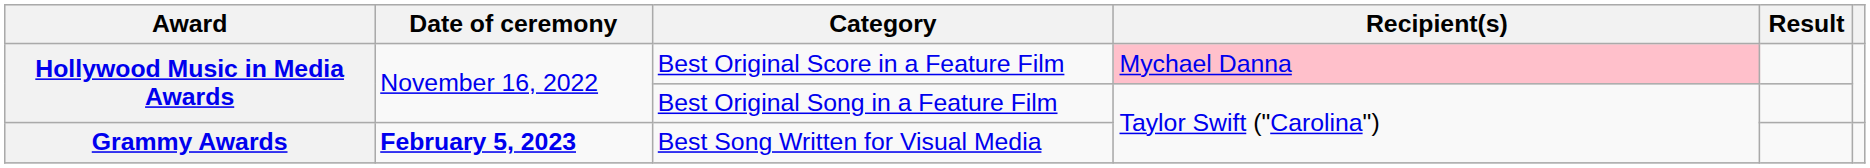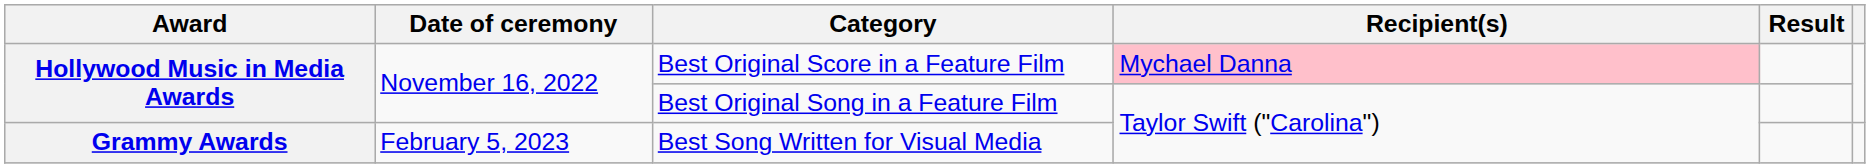 <table class="wikitable sortable plainrowheaders" style="width: 95%;">
 <tr>
 <th scope="col" style="width:20%;">Award</th>
 <th scope="col" style="width:15%;">Date of ceremony</th>
 <th scope="col" style="width:25%;">Category</th>
 <th scope="col" style="width:35%;">Recipient(s)</th>
 <th scope="col" style="width:5%;">Result</th>
 <th scope="col" style="width:5%;" class="unsortable"></th>
 </tr>
 <tr>
 <th rowspan="2" scope="row"><a href='#'>Hollywood Music in Media Awards</a></th>
 <td rowspan="2"><a href='#'>November 16, 2022</a></td>
 <td><a href='#'>Best Original Score in a Feature Film</a></td>
 <td style="background: pink;"><a href='#'>Mychael Danna</a></td>
 <td></td>
 <td rowspan="2" align="center"></td>
 </tr>
 <tr>
 <td><a href='#'>Best Original Song in a Feature Film</a></td>
 <td rowspan="2"><a href='#'>Taylor Swift</a> ("<a href='#'>Carolina</a>")</td>
 <td></td>
 </tr>
 <tr>
 <th scope="row"><a href='#'>Grammy Awards</a></th>
-<td><strong><a href='#'>February 5, 2023</a></strong></td>
+<td><a href='#'>February 5, 2023</a></td>
 <td><a href='#'>Best Song Written for Visual Media</a></td>
 <td></td>
 <td style="text-align:center;"><br></td>
 </tr>
 </table>
